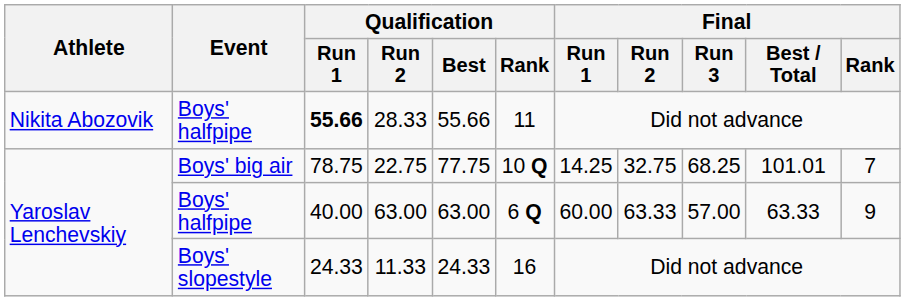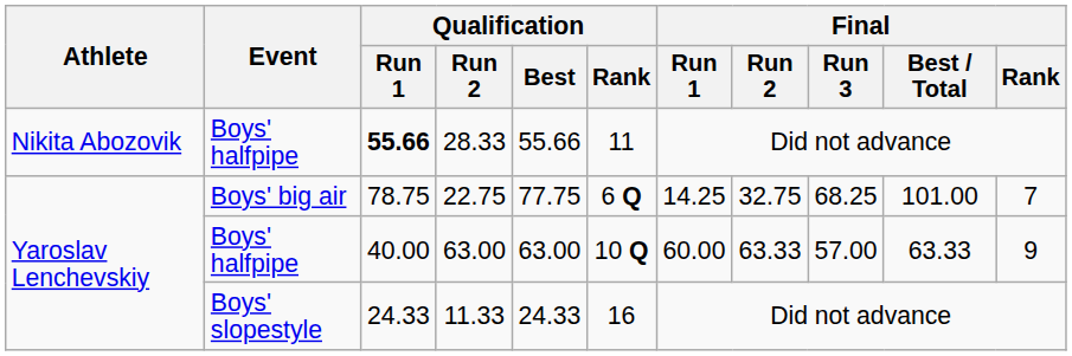 <table class="wikitable" style="font-size:90%; text-align:center;">
 <tr>
 <th rowspan=2>Athlete</th>
 <th rowspan=2>Event</th>
 <th colspan=4>Qualification</th>
 <th colspan=5>Final</th>
 </tr>
 <tr style="font-size:95%">
 <th>Run 1</th>
 <th>Run 2</th>
 <th>Best</th>
 <th>Rank</th>
 <th>Run 1</th>
 <th>Run 2</th>
 <th>Run 3</th>
 <th>Best / Total</th>
 <th>Rank</th>
 </tr>
 <tr>
 <td align=left><a href='#'>Nikita Abozovik</a></td>
 <td align=left><a href='#'>Boys' halfpipe</a></td>
 <td><strong>55.66</strong></td>
 <td>28.33</td>
 <td>55.66</td>
 <td>11</td>
 <td colspan=5>Did not advance</td>
 </tr>
 <tr>
 <td rowspan=3 align=left><a href='#'>Yaroslav Lenchevskiy</a></td>
 <td align=left><a href='#'>Boys' big air</a></td>
 <td>78.75</td>
 <td>22.75</td>
 <td>77.75</td>
-<td>10 <strong>Q</strong></td>
+<td>6 <strong>Q</strong></td>
 <td>14.25</td>
 <td>32.75</td>
 <td>68.25</td>
-<td>101.01</td>
+<td>101.00</td>
 <td>7</td>
 </tr>
 <tr>
 <td align=left><a href='#'>Boys' halfpipe</a></td>
 <td>40.00</td>
 <td>63.00</td>
 <td>63.00</td>
-<td>6 <strong>Q</strong></td>
+<td>10 <strong>Q</strong></td>
 <td>60.00</td>
 <td>63.33</td>
 <td>57.00</td>
 <td>63.33</td>
 <td>9</td>
 </tr>
 <tr>
 <td align=left><a href='#'>Boys' slopestyle</a></td>
 <td>24.33</td>
 <td>11.33</td>
 <td>24.33</td>
 <td>16</td>
 <td colspan=5>Did not advance</td>
 </tr>
 </table>
